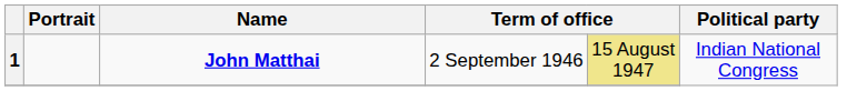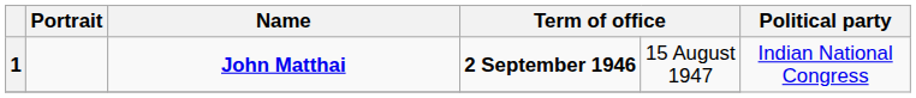 <table class="wikitable" style="text-align:center">
 <tr>
 <th></th>
 <th>Portrait</th>
 <th style="width:17em">Name</th>
 <th colspan="2">Term of office</th>
 <th style="width:8em">Political party</th>
 </tr>
 <tr>
 <th>1</th>
 <td></td>
 <td><strong><a href='#'>John Matthai</a></strong></td>
-<td>2 September 1946</td>
-<td style="background: khaki;">15 August<br>1947</td>
+<td><strong>2 September 1946</strong></td>
+<td>15 August<br>1947</td>
 <td rowspan="15"><a href='#'>Indian National Congress</a></td>
 </tr>
 <tr>
 </tr>
 </table>
